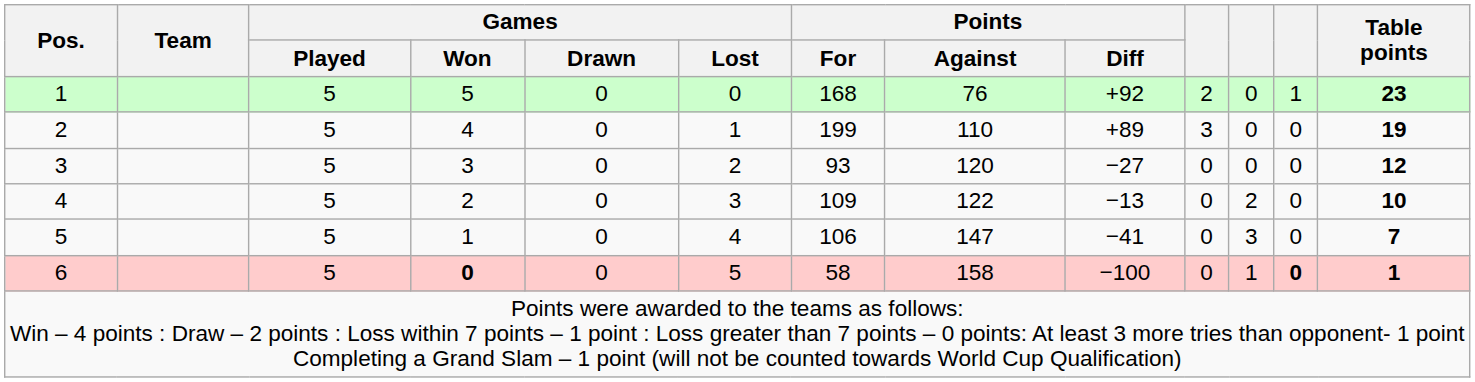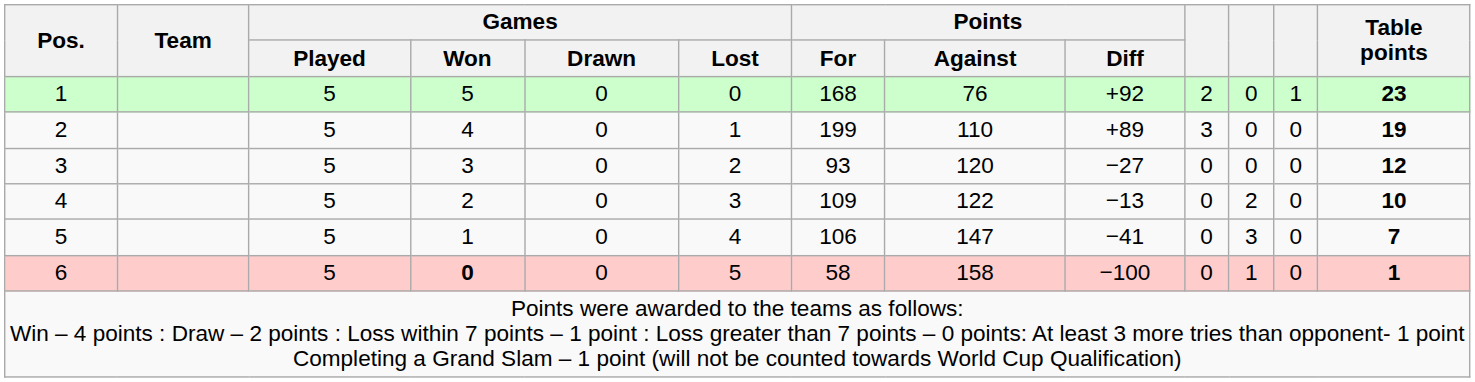 <table class="wikitable" style="text-align:center">
 <tr>
 <th rowspan="2">Pos.</th>
 <th rowspan="2">Team</th>
 <th colspan="4">Games</th>
 <th colspan="3">Points</th>
 <th rowspan="2"></th>
 <th rowspan="2"></th>
 <th rowspan="2"></th>
 <th rowspan="2">Table<br>points</th>
 </tr>
 <tr>
 <th>Played</th>
 <th>Won</th>
 <th>Drawn</th>
 <th>Lost</th>
 <th>For</th>
 <th>Against</th>
 <th>Diff</th>
 </tr>
 <tr style="text-align:center; background:#cfc;">
 <td>1</td>
 <td align=left></td>
 <td>5</td>
 <td>5</td>
 <td>0</td>
 <td>0</td>
 <td>168</td>
 <td>76</td>
 <td>+92</td>
 <td>2</td>
 <td>0</td>
 <td>1</td>
 <td><strong>23</strong></td>
 </tr>
 <tr align=center>
 <td>2</td>
 <td align=left></td>
 <td>5</td>
 <td>4</td>
 <td>0</td>
 <td>1</td>
 <td>199</td>
 <td>110</td>
 <td>+89</td>
 <td>3</td>
 <td>0</td>
 <td>0</td>
 <td><strong>19</strong></td>
 </tr>
 <tr align=center>
 <td>3</td>
 <td align=left></td>
 <td>5</td>
 <td>3</td>
 <td>0</td>
 <td>2</td>
 <td>93</td>
 <td>120</td>
 <td>−27</td>
 <td>0</td>
 <td>0</td>
 <td>0</td>
 <td><strong>12</strong></td>
 </tr>
 <tr align=center>
 <td>4</td>
 <td align=left></td>
 <td>5</td>
 <td>2</td>
 <td>0</td>
 <td>3</td>
 <td>109</td>
 <td>122</td>
 <td>−13</td>
 <td>0</td>
 <td>2</td>
 <td>0</td>
 <td><strong>10</strong></td>
 </tr>
 <tr align=center>
 <td>5</td>
 <td align=left></td>
 <td>5</td>
 <td>1</td>
 <td>0</td>
 <td>4</td>
 <td>106</td>
 <td>147</td>
 <td>−41</td>
 <td>0</td>
 <td>3</td>
 <td>0</td>
 <td><strong>7</strong></td>
 </tr>
 <tr style="text-align:center; background:#fcc;">
 <td>6</td>
 <td align=left></td>
 <td>5</td>
 <td><strong>0</strong></td>
 <td>0</td>
 <td>5</td>
 <td>58</td>
 <td>158</td>
 <td>−100</td>
 <td>0</td>
 <td>1</td>
-<td><strong>0</strong></td>
+<td>0</td>
 <td><strong>1</strong></td>
 </tr>
 <tr>
 <td style="text-align:center;" colspan="100">Points were awarded to the teams as follows:<br>Win – 4 points : Draw – 2 points  : Loss within 7 points – 1 point : Loss greater than 7 points – 0 points: At least 3 more tries than opponent- 1 point<br>Completing a Grand Slam – 1 point (will not be counted towards World Cup Qualification)</td>
 </tr>
 </table>
